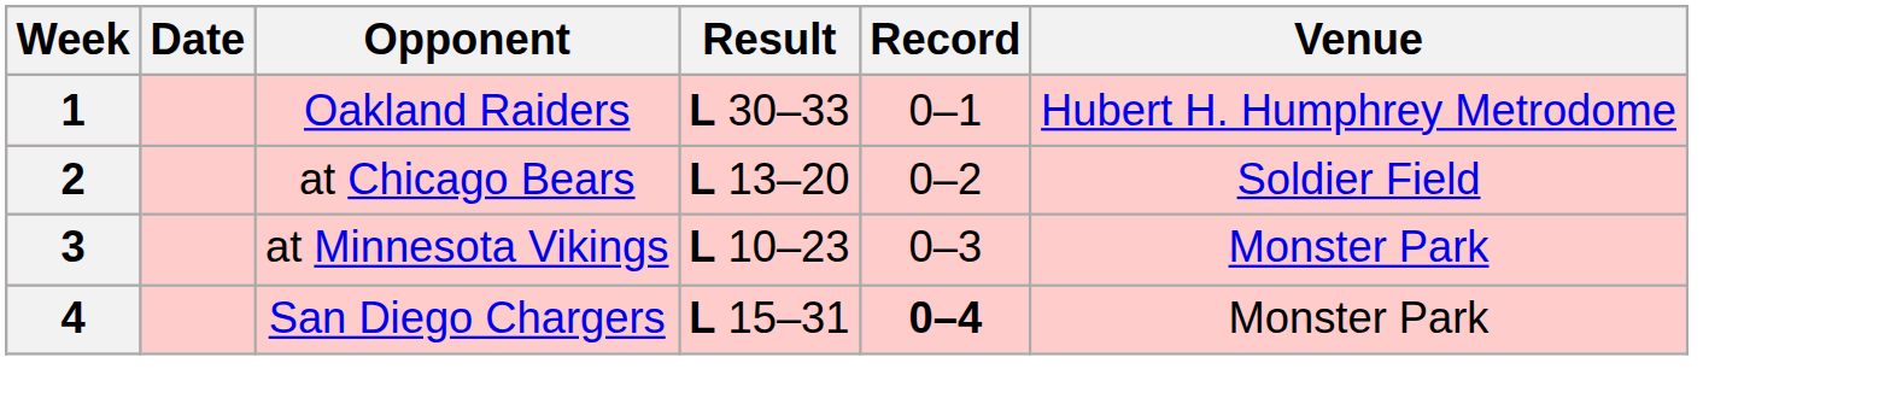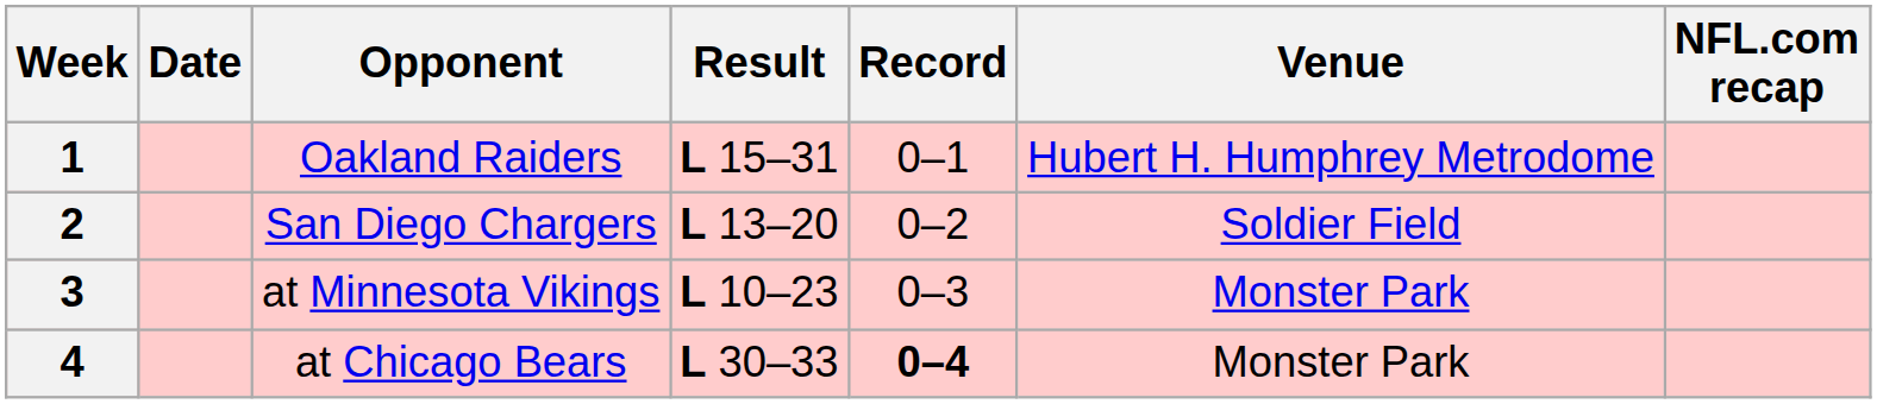 <table class="wikitable" style="text-align:center">
 <tr>
 <th>Week</th>
 <th>Date</th>
 <th>Opponent</th>
 <th>Result</th>
 <th>Record</th>
 <th>Venue</th>
+<th>NFL.com<br>recap</th>
 </tr>
 <tr style="background:#fcc">
 <th>1</th>
 <td></td>
 <td><a href='#'>Oakland Raiders</a></td>
-<td><strong>L</strong> 30–33</td>
+<td><strong>L</strong> 15–31</td>
 <td>0–1</td>
 <td><a href='#'>Hubert H. Humphrey Metrodome</a></td>
+<td></td>
 </tr>
 <tr style="background:#fcc">
 <th>2</th>
 <td></td>
-<td>at <a href='#'>Chicago Bears</a></td>
+<td><a href='#'>San Diego Chargers</a></td>
 <td><strong>L</strong> 13–20</td>
 <td>0–2</td>
 <td><a href='#'>Soldier Field</a></td>
+<td></td>
 </tr>
 <tr style="background:#fcc">
 <th>3</th>
 <td></td>
 <td>at <a href='#'>Minnesota Vikings</a></td>
 <td><strong>L</strong> 10–23</td>
 <td>0–3</td>
 <td><a href='#'>Monster Park</a></td>
+<td></td>
 </tr>
 <tr style="background:#fcc">
 <th>4</th>
 <td></td>
-<td><a href='#'>San Diego Chargers</a></td>
-<td><strong>L</strong> 15–31</td>
+<td>at <a href='#'>Chicago Bears</a></td>
+<td><strong>L</strong> 30–33</td>
 <td><strong>0–4</strong></td>
 <td>Monster Park</td>
+<td></td>
 </tr>
 </table>
